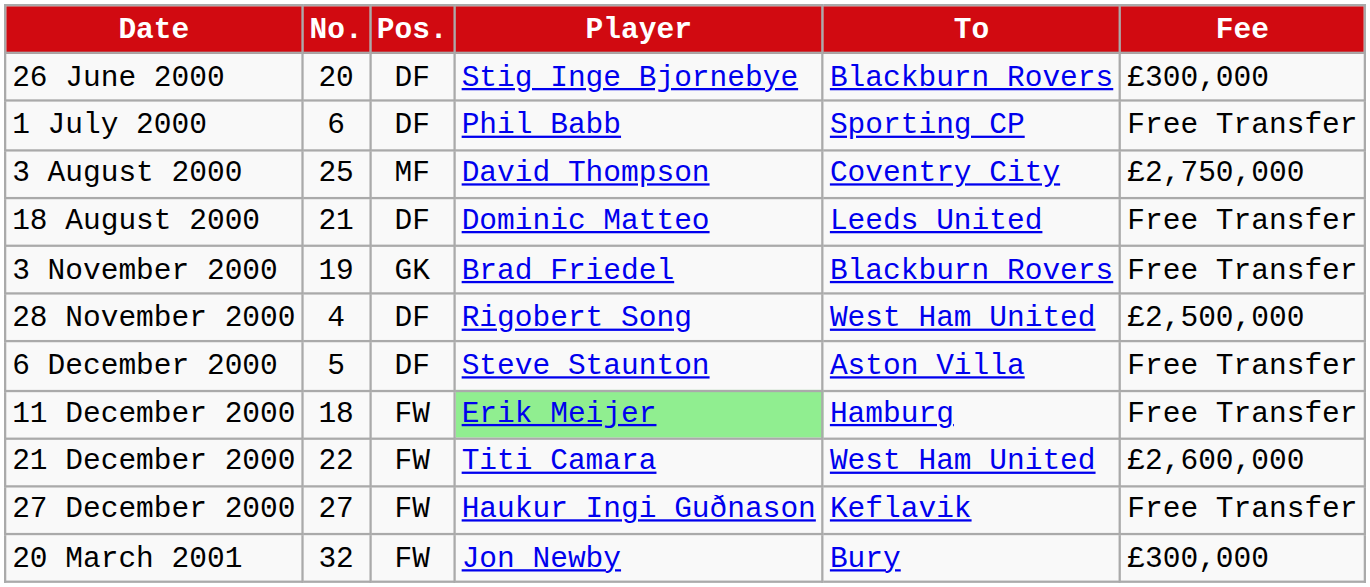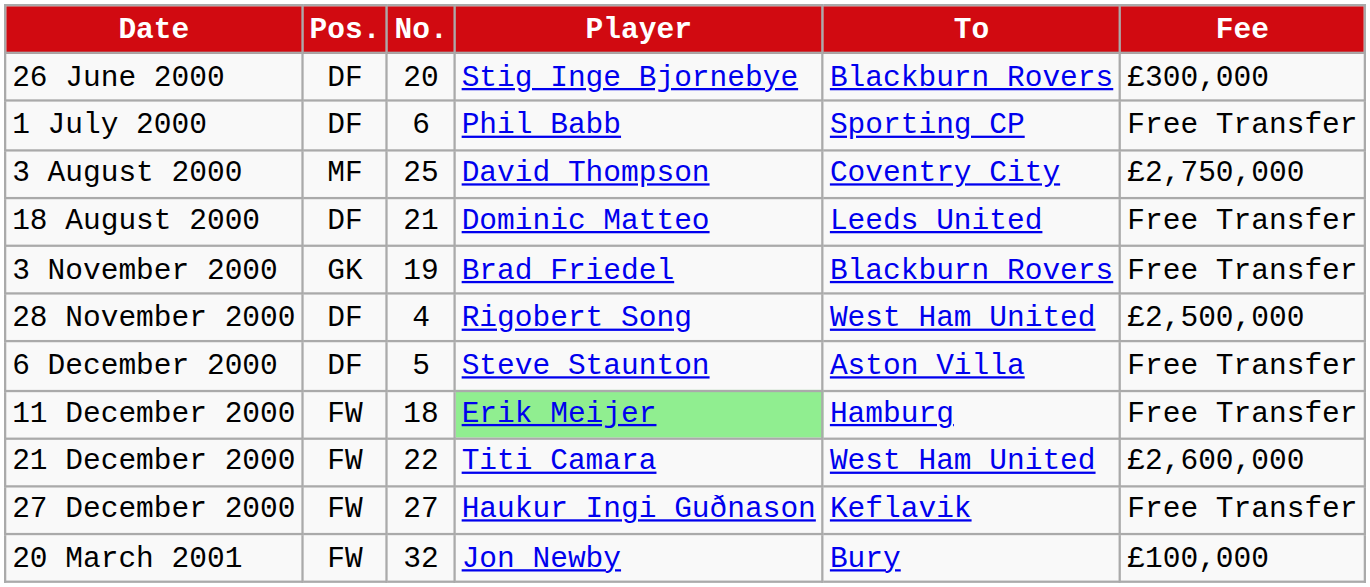 <table class="wikitable plainrowheaders sortable">
 <tr>
 <th style="background:#D10A11; color:#ffffff; ">Date</th>
+<th style="background:#D10A11; color:#ffffff; ">Pos.</th>
 <th style="background:#D10A11; color:#ffffff; ">No.</th>
-<th style="background:#D10A11; color:#ffffff; ">Pos.</th>
 <th style="background:#D10A11; color:#ffffff; ">Player</th>
 <th style="background:#D10A11; color:#ffffff; ">To</th>
 <th style="background:#D10A11; color:#ffffff; ">Fee</th>
 </tr>
 <tr>
 <td>26 June 2000</td>
+<td style="text-align:center;">DF</td>
 <td style="text-align:center;">20</td>
-<td style="text-align:center;">DF</td>
 <td style="text-align:left;"> <a href='#'>Stig Inge Bjornebye</a></td>
 <td style="text-align:left;"> <a href='#'>Blackburn Rovers</a></td>
 <td> £300,000</td>
 </tr>
 <tr>
 <td>1 July 2000</td>
+<td style="text-align:center;">DF</td>
 <td style="text-align:center;">6</td>
-<td style="text-align:center;">DF</td>
 <td style="text-align:left;"> <a href='#'>Phil Babb</a></td>
 <td style="text-align:left;"> <a href='#'>Sporting CP</a></td>
 <td> Free Transfer</td>
 </tr>
 <tr>
 <td>3 August 2000</td>
+<td style="text-align:center;">MF</td>
 <td style="text-align:center;">25</td>
-<td style="text-align:center;">MF</td>
 <td style="text-align:left;"> <a href='#'>David Thompson</a></td>
 <td style="text-align:left;"> <a href='#'>Coventry City</a></td>
 <td> £2,750,000</td>
 </tr>
 <tr>
 <td>18 August 2000</td>
+<td style="text-align:center;">DF</td>
 <td style="text-align:center;">21</td>
-<td style="text-align:center;">DF</td>
 <td style="text-align:left;"> <a href='#'>Dominic Matteo</a></td>
 <td style="text-align:left;"> <a href='#'>Leeds United</a></td>
 <td> Free Transfer</td>
 </tr>
 <tr>
 <td>3 November 2000</td>
+<td style="text-align:center;">GK</td>
 <td style="text-align:center;">19</td>
-<td style="text-align:center;">GK</td>
 <td style="text-align:left;"> <a href='#'>Brad Friedel</a></td>
 <td style="text-align:left;"> <a href='#'>Blackburn Rovers</a></td>
 <td> Free Transfer</td>
 </tr>
 <tr>
 <td>28 November 2000</td>
+<td style="text-align:center;">DF</td>
 <td style="text-align:center;">4</td>
-<td style="text-align:center;">DF</td>
 <td style="text-align:left;"> <a href='#'>Rigobert Song</a></td>
 <td style="text-align:left;"> <a href='#'>West Ham United</a></td>
 <td> £2,500,000</td>
 </tr>
 <tr>
 <td>6 December 2000</td>
+<td style="text-align:center;">DF</td>
 <td style="text-align:center;">5</td>
-<td style="text-align:center;">DF</td>
 <td style="text-align:left;"> <a href='#'>Steve Staunton</a></td>
 <td style="text-align:left;"> <a href='#'>Aston Villa</a></td>
 <td> Free Transfer</td>
 </tr>
 <tr>
 <td>11 December 2000</td>
+<td style="text-align:center;">FW</td>
 <td style="text-align:center;">18</td>
-<td style="text-align:center;">FW</td>
 <td style="background: lightgreen; text-align:left;"> <a href='#'>Erik Meijer</a></td>
 <td style="text-align:left;"> <a href='#'>Hamburg</a></td>
 <td> Free Transfer</td>
 </tr>
 <tr>
 <td>21 December 2000</td>
+<td style="text-align:center;">FW</td>
 <td style="text-align:center;">22</td>
-<td style="text-align:center;">FW</td>
 <td style="text-align:left;"> <a href='#'>Titi Camara</a></td>
 <td style="text-align:left;"> <a href='#'>West Ham United</a></td>
 <td> £2,600,000</td>
 </tr>
 <tr>
 <td>27 December 2000</td>
+<td style="text-align:center;">FW</td>
 <td style="text-align:center;">27</td>
-<td style="text-align:center;">FW</td>
 <td style="text-align:left;"> <a href='#'>Haukur Ingi Guðnason</a></td>
 <td style="text-align:left;"> <a href='#'>Keflavik</a></td>
 <td> Free Transfer</td>
 </tr>
 <tr>
 <td>20 March 2001</td>
+<td style="text-align:center;">FW</td>
 <td style="text-align:center;">32</td>
-<td style="text-align:center;">FW</td>
 <td style="text-align:left;"> <a href='#'>Jon Newby</a></td>
 <td style="text-align:left;"> <a href='#'>Bury</a></td>
-<td> £300,000</td>
+<td> £100,000</td>
 </tr>
 </table>
